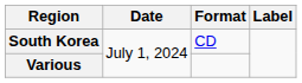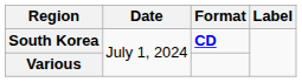 <table class="wikitable plainrowheaders">
 <tr>
 <th scope="col">Region</th>
 <th scope="col">Date</th>
 <th scope="col">Format</th>
 <th scope="col">Label</th>
 </tr>
 <tr>
 <th scope="row">South Korea</th>
 <td rowspan="2">July 1, 2024</td>
-<td><a href='#'>CD</a></td>
+<td><strong><a href='#'>CD</a></strong></td>
 <td rowspan="2"></td>
 </tr>
 <tr>
 <th scope="row">Various </th>
 <td></td>
 </tr>
 </table>
